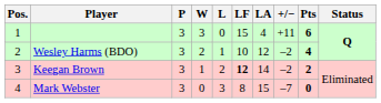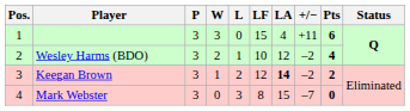 <table class="wikitable" style="text-align:center; margin: 1em auto 1em auto, align:left">
 <tr>
 <th width=20>Pos.</th>
 <th width=185>Player</th>
 <th width=20>P</th>
 <th width=20>W</th>
 <th width=20>L</th>
 <th width=20>LF</th>
 <th width=20>LA</th>
 <th width=25>+/−</th>
 <th width=20>Pts</th>
 <th width=70>Status</th>
 </tr>
 <tr style="background:#CCFFCC;">
 <td>1</td>
 <td align=left></td>
 <td>3</td>
 <td>3</td>
 <td>0</td>
 <td>15</td>
 <td>4</td>
 <td>+11</td>
 <td><strong>6</strong></td>
 <td rowspan=2><strong>Q</strong></td>
 </tr>
 <tr style="background:#CCFFCC;">
 <td>2</td>
 <td align=left> <a href='#'>Wesley Harms</a> (BDO)</td>
 <td>3</td>
 <td>2</td>
 <td>1</td>
 <td>10</td>
 <td>12</td>
 <td>–2</td>
 <td><strong>4</strong></td>
 </tr>
 <tr style="background:#FFCCCC;">
 <td>3</td>
 <td align=left> <a href='#'>Keegan Brown</a></td>
 <td>3</td>
 <td>1</td>
 <td>2</td>
-<td><strong>12</strong></td>
-<td>14</td>
+<td>12</td>
+<td><strong>14</strong></td>
 <td>–2</td>
 <td><strong>2</strong></td>
 <td rowspan=2>Eliminated</td>
 </tr>
 <tr style="background:#FFCCCC;">
 <td>4</td>
 <td align=left> <a href='#'>Mark Webster</a></td>
 <td>3</td>
 <td>0</td>
 <td>3</td>
 <td>8</td>
 <td>15</td>
 <td>–7</td>
 <td><strong>0</strong></td>
 </tr>
 </table>
